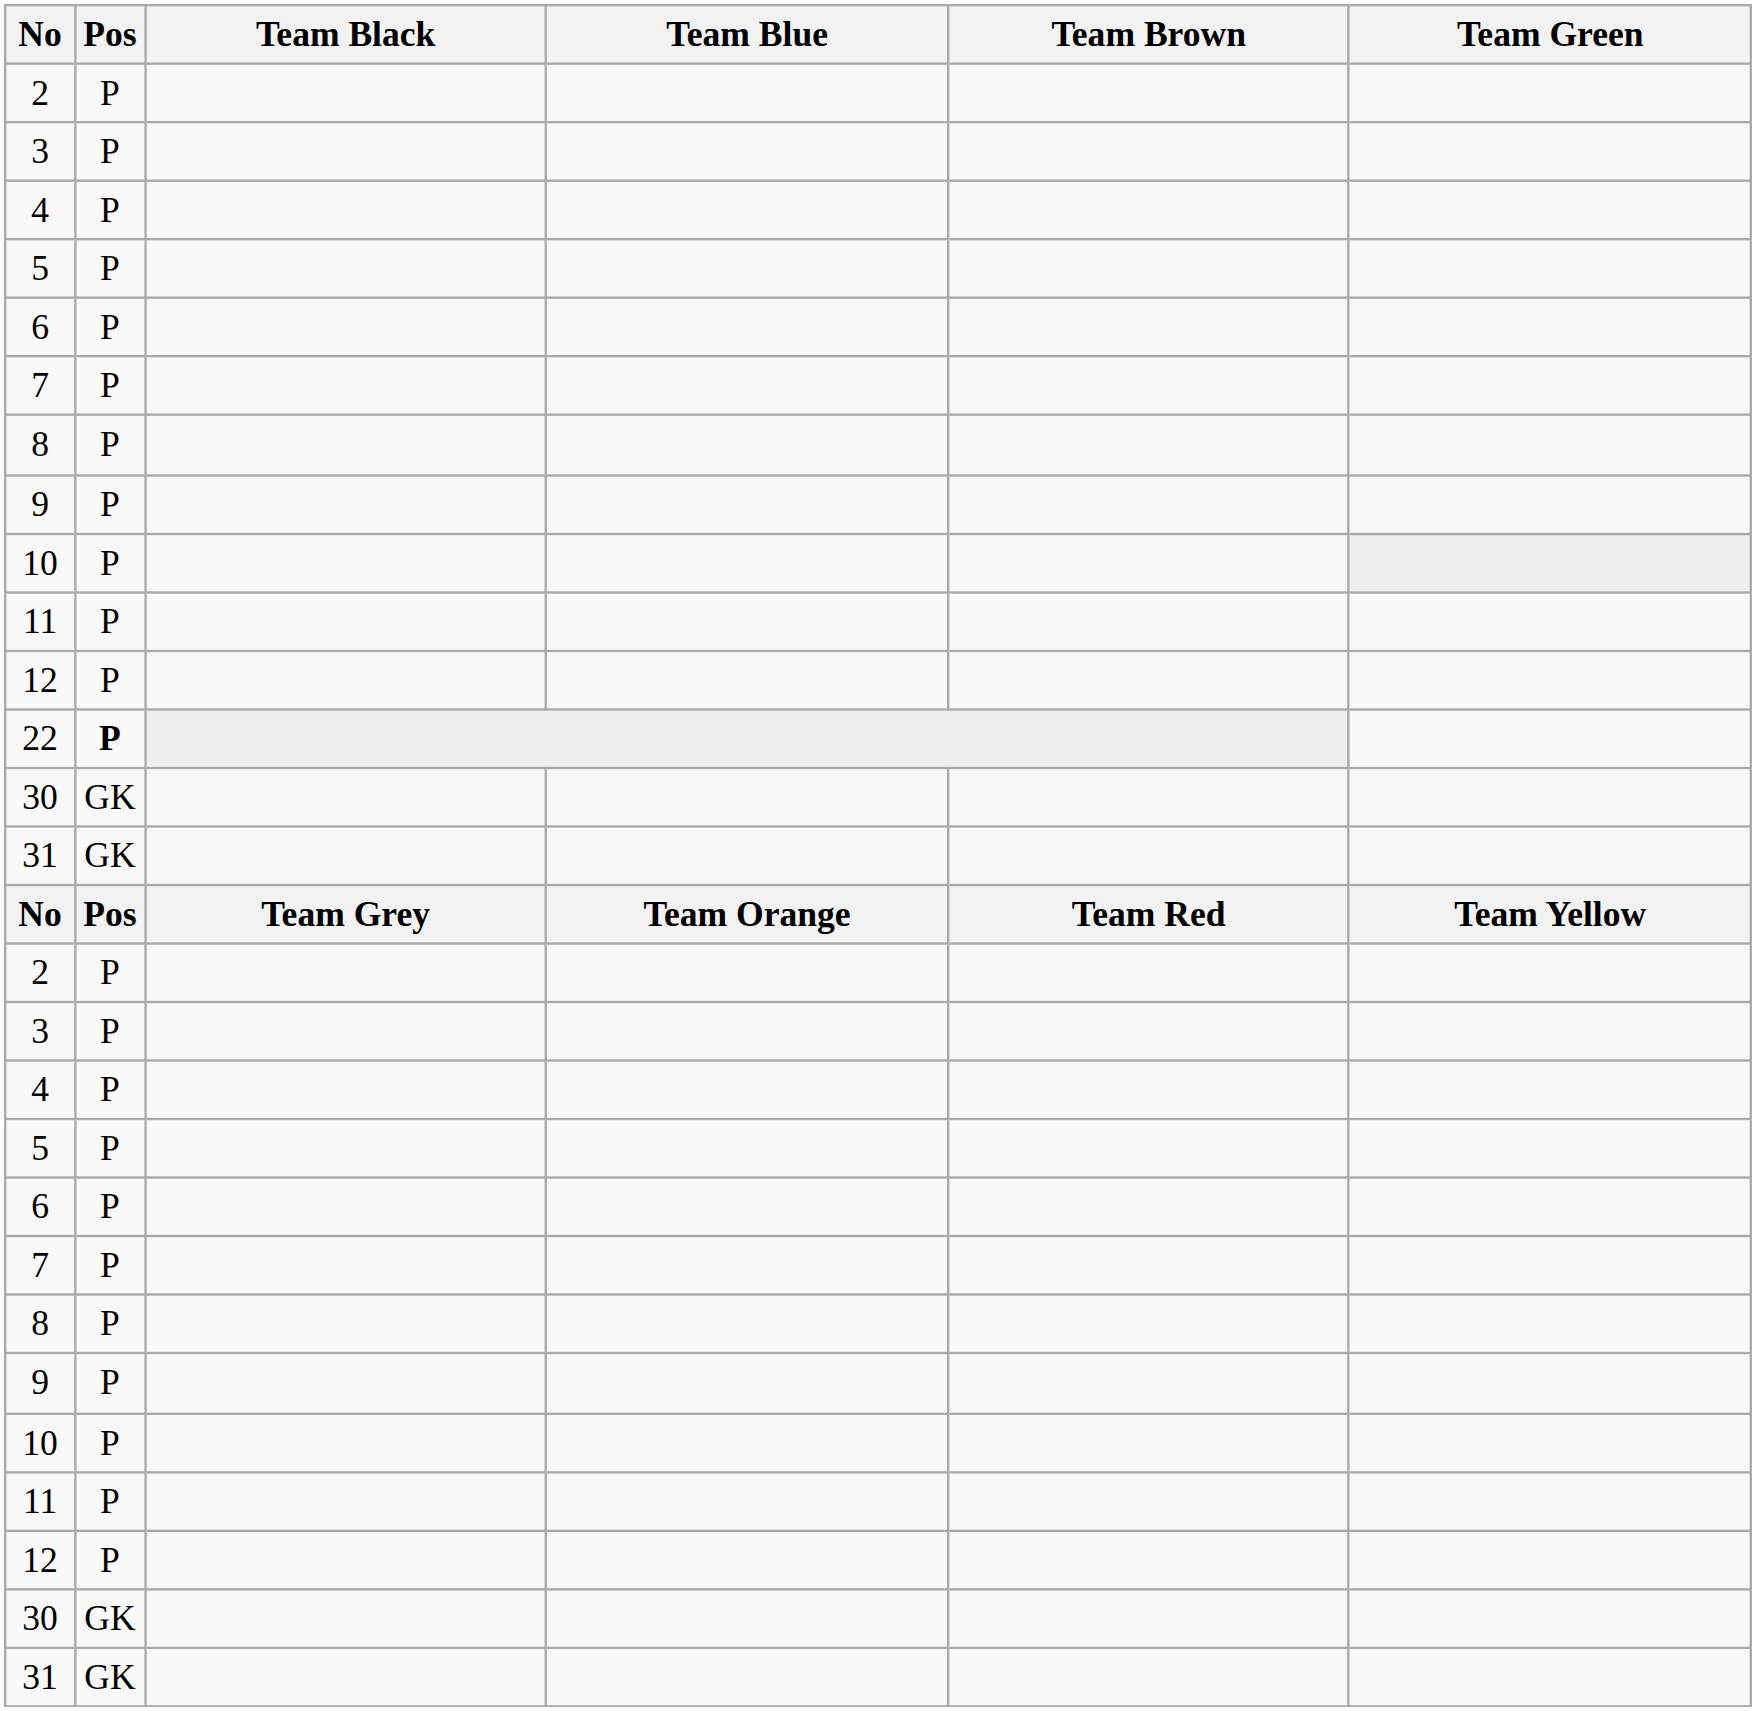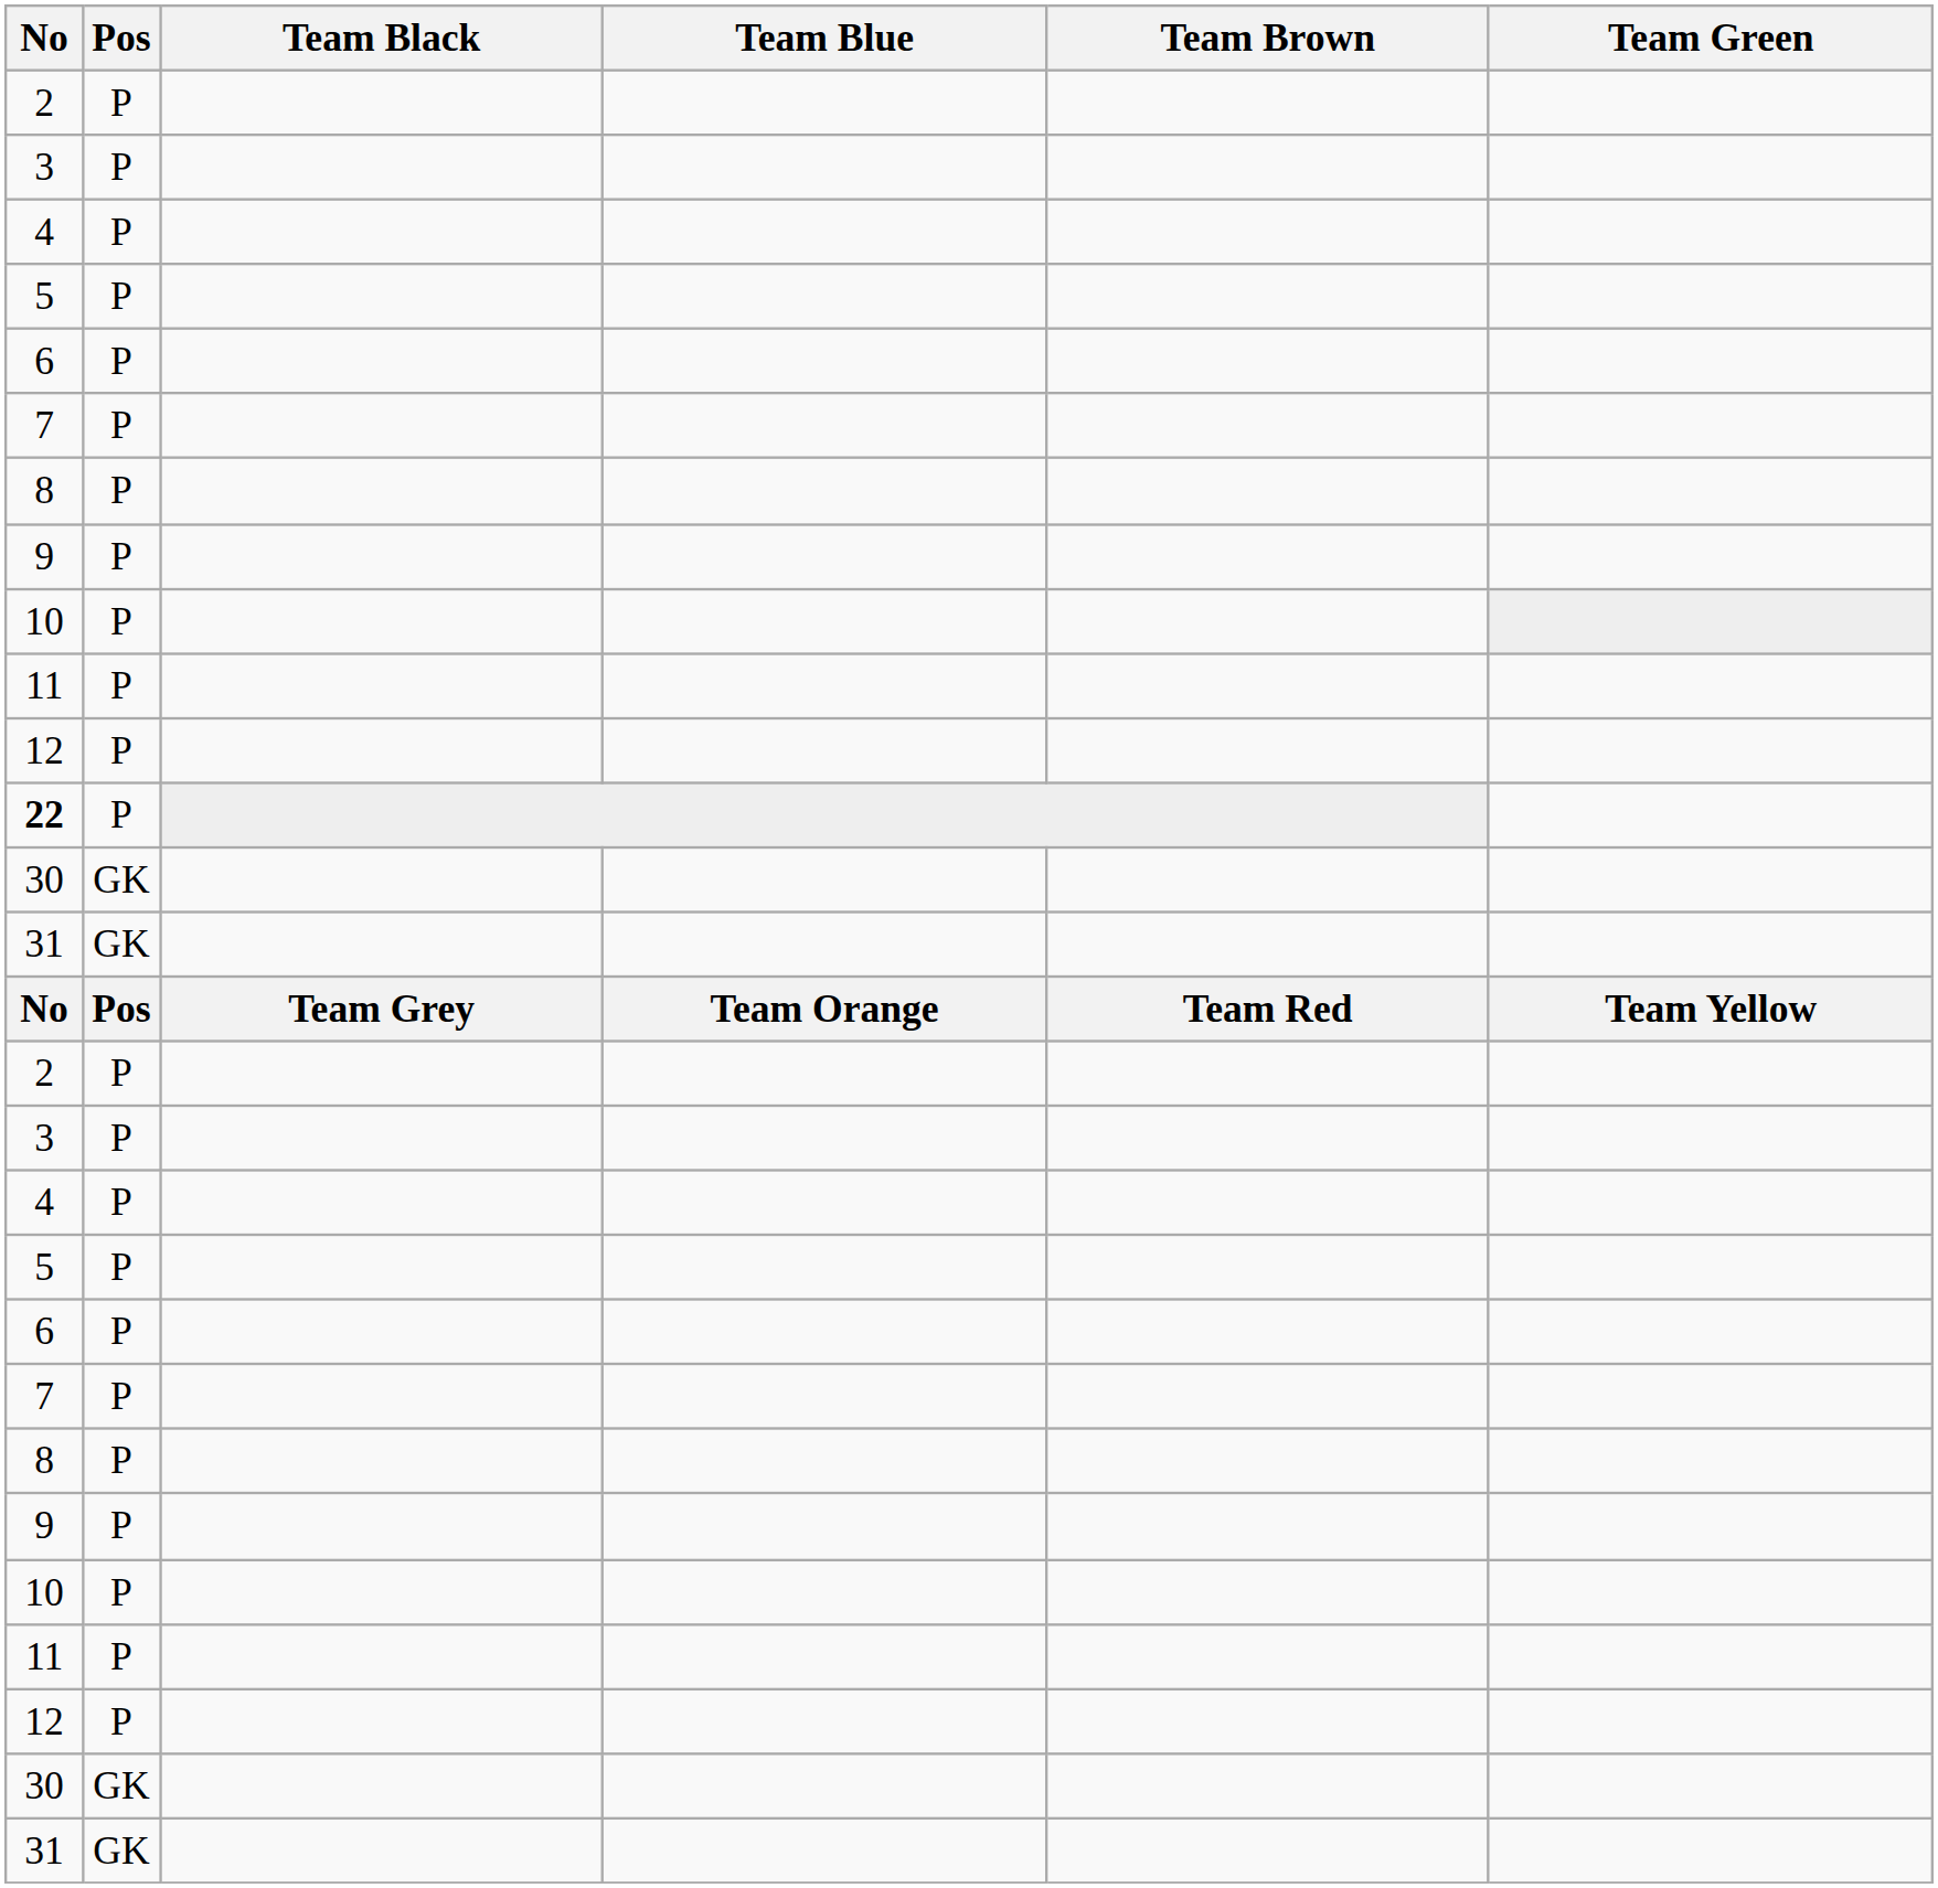 <table class="wikitable" style="font-size:95%">
 <tr>
 <th width=4%>No</th>
 <th width=4%>Pos</th>
 <th width=23%> Team Black</th>
 <th width=23%> Team Blue</th>
 <th width=23%> Team Brown</th>
 <th width=23%> Team Green</th>
 </tr>
 <tr>
 <td align=center>2</td>
 <td align=center>P</td>
 <td></td>
 <td></td>
 <td></td>
 <td></td>
 </tr>
 <tr>
 <td align=center>3</td>
 <td align=center>P</td>
 <td></td>
 <td></td>
 <td></td>
 <td></td>
 </tr>
 <tr>
 <td align=center>4</td>
 <td align=center>P</td>
 <td></td>
 <td></td>
 <td></td>
 <td></td>
 </tr>
 <tr>
 <td align=center>5</td>
 <td align=center>P</td>
 <td></td>
 <td></td>
 <td></td>
 <td></td>
 </tr>
 <tr>
 <td align=center>6</td>
 <td align=center>P</td>
 <td></td>
 <td></td>
 <td></td>
 <td></td>
 </tr>
 <tr>
 <td align=center>7</td>
 <td align=center>P</td>
 <td></td>
 <td></td>
 <td></td>
 <td></td>
 </tr>
 <tr>
 <td align=center>8</td>
 <td align=center>P</td>
 <td></td>
 <td></td>
 <td></td>
 <td></td>
 </tr>
 <tr>
 <td align=center>9</td>
 <td align=center>P</td>
 <td></td>
 <td></td>
 <td></td>
 <td></td>
 </tr>
 <tr>
 <td align=center>10</td>
 <td align=center>P</td>
 <td></td>
 <td></td>
 <td></td>
 <td style="background:#eeeeee;"></td>
 </tr>
 <tr>
 <td align=center>11</td>
 <td align=center>P</td>
 <td></td>
 <td></td>
 <td></td>
 <td></td>
 </tr>
 <tr>
 <td align=center>12</td>
 <td align=center>P</td>
 <td></td>
 <td></td>
 <td></td>
 <td></td>
 </tr>
 <tr>
-<td align=center>22</td>
-<td align=center><strong>P</strong></td>
+<td align=center><strong>22</strong></td>
+<td align=center>P</td>
 <td colspan=3 style="background:#eeeeee;"></td>
 <td></td>
 </tr>
 <tr>
 <td align=center>30</td>
 <td align=center>GK</td>
 <td></td>
 <td></td>
 <td></td>
 <td></td>
 </tr>
 <tr>
 <td align=center>31</td>
 <td align=center>GK</td>
 <td></td>
 <td></td>
 <td></td>
 <td></td>
 </tr>
 <tr>
 <th>No</th>
 <th>Pos</th>
 <th> Team Grey</th>
 <th> Team Orange</th>
 <th> Team Red</th>
 <th> Team Yellow</th>
 </tr>
 <tr>
 <td align=center>2</td>
 <td align=center>P</td>
 <td></td>
 <td></td>
 <td></td>
 <td></td>
 </tr>
 <tr>
 <td align=center>3</td>
 <td align=center>P</td>
 <td></td>
 <td></td>
 <td></td>
 <td></td>
 </tr>
 <tr>
 <td align=center>4</td>
 <td align=center>P</td>
 <td></td>
 <td></td>
 <td></td>
 <td></td>
 </tr>
 <tr>
 <td align=center>5</td>
 <td align=center>P</td>
 <td></td>
 <td></td>
 <td></td>
 <td></td>
 </tr>
 <tr>
 <td align=center>6</td>
 <td align=center>P</td>
 <td></td>
 <td></td>
 <td></td>
 <td></td>
 </tr>
 <tr>
 <td align=center>7</td>
 <td align=center>P</td>
 <td></td>
 <td></td>
 <td></td>
 <td></td>
 </tr>
 <tr>
 <td align=center>8</td>
 <td align=center>P</td>
 <td></td>
 <td></td>
 <td></td>
 <td></td>
 </tr>
 <tr>
 <td align=center>9</td>
 <td align=center>P</td>
 <td></td>
 <td></td>
 <td></td>
 <td></td>
 </tr>
 <tr>
 <td align=center>10</td>
 <td align=center>P</td>
 <td></td>
 <td></td>
 <td></td>
 <td></td>
 </tr>
 <tr>
 <td align=center>11</td>
 <td align=center>P</td>
 <td></td>
 <td></td>
 <td></td>
 <td></td>
 </tr>
 <tr>
 <td align=center>12</td>
 <td align=center>P</td>
 <td></td>
 <td></td>
 <td></td>
 <td></td>
 </tr>
 <tr>
 <td align=center>30</td>
 <td align=center>GK</td>
 <td></td>
 <td></td>
 <td></td>
 <td></td>
 </tr>
 <tr>
 <td align=center>31</td>
 <td align=center>GK</td>
 <td></td>
 <td></td>
 <td></td>
 <td></td>
 </tr>
 </table>
